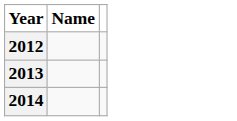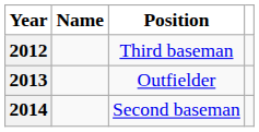 <table class="wikitable sortable plainrowheaders" style="text-align:center">
 <tr>
 <th scope="col" style="background-color:#ffffff; border-top:#">Year</th>
 <th scope="col" style="background-color:#ffffff; border-top:#">Name</th>
+<th scope="col" style="background-color:#ffffff; border-top:#">Position</th>
 <th scope="col" class="unsortable" style="background-color:#ffffff; border-top:#"></th>
 </tr>
 <tr>
 <th scope="row" style="text-align:center">2012</th>
 <td></td>
+<td><a href='#'>Third baseman</a></td>
 <td></td>
 </tr>
 <tr>
 <th scope="row" style="text-align:center">2013</th>
 <td></td>
+<td><a href='#'>Outfielder</a></td>
 <td></td>
 </tr>
 <tr>
 <th scope="row" style="text-align:center">2014</th>
 <td></td>
+<td><a href='#'>Second baseman</a></td>
 <td></td>
 </tr>
 </table>
